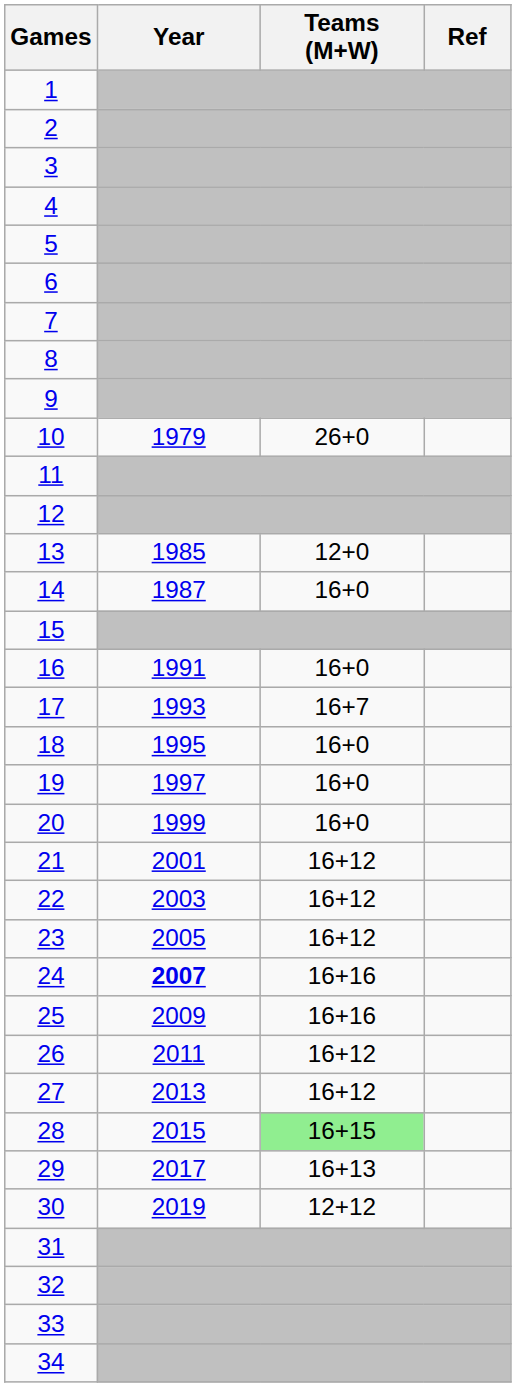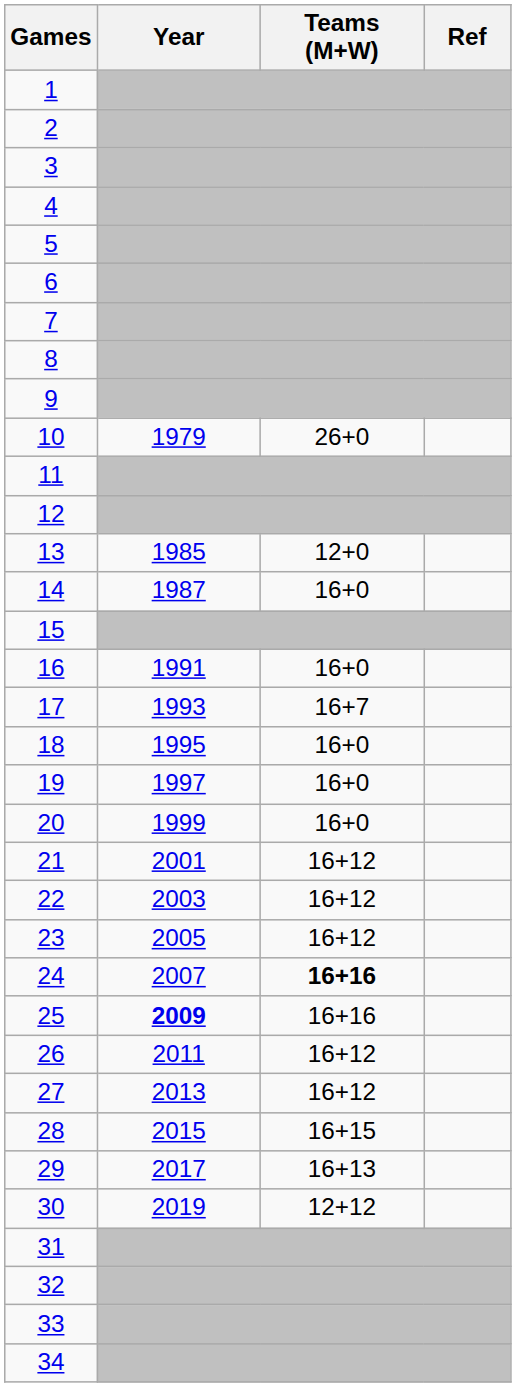 <table class="wikitable" style="text-align:center">
 <tr>
 <th width=50>Games</th>
 <th width=100>Year</th>
 <th width=100>Teams (M+W)</th>
 <th width=50>Ref</th>
 </tr>
 <tr>
 <td><a href='#'>1</a></td>
 <td colspan=3 bgcolor=silver></td>
 </tr>
 <tr>
 <td><a href='#'>2</a></td>
 <td colspan=3 bgcolor=silver></td>
 </tr>
 <tr>
 <td><a href='#'>3</a></td>
 <td colspan=3 bgcolor=silver></td>
 </tr>
 <tr>
 <td><a href='#'>4</a></td>
 <td colspan=3 bgcolor=silver></td>
 </tr>
 <tr>
 <td><a href='#'>5</a></td>
 <td colspan=3 bgcolor=silver></td>
 </tr>
 <tr>
 <td><a href='#'>6</a></td>
 <td colspan=3 bgcolor=silver></td>
 </tr>
 <tr>
 <td><a href='#'>7</a></td>
 <td colspan=3 bgcolor=silver></td>
 </tr>
 <tr>
 <td><a href='#'>8</a></td>
 <td colspan=3 bgcolor=silver></td>
 </tr>
 <tr>
 <td><a href='#'>9</a></td>
 <td colspan=3 bgcolor=silver></td>
 </tr>
 <tr>
 <td><a href='#'>10</a></td>
 <td><a href='#'>1979</a></td>
 <td>26+0</td>
 <td></td>
 </tr>
 <tr>
 <td><a href='#'>11</a></td>
 <td colspan=3 bgcolor=silver></td>
 </tr>
 <tr>
 <td><a href='#'>12</a></td>
 <td colspan=3 bgcolor=silver></td>
 </tr>
 <tr>
 <td><a href='#'>13</a></td>
 <td><a href='#'>1985</a></td>
 <td>12+0</td>
 <td></td>
 </tr>
 <tr>
 <td><a href='#'>14</a></td>
 <td><a href='#'>1987</a></td>
 <td>16+0</td>
 <td></td>
 </tr>
 <tr>
 <td><a href='#'>15</a></td>
 <td colspan=4 bgcolor=silver></td>
 </tr>
 <tr>
 <td><a href='#'>16</a></td>
 <td><a href='#'>1991</a></td>
 <td>16+0</td>
 <td></td>
 </tr>
 <tr>
 <td><a href='#'>17</a></td>
 <td><a href='#'>1993</a></td>
 <td>16+7</td>
 <td></td>
 </tr>
 <tr>
 <td><a href='#'>18</a></td>
 <td><a href='#'>1995</a></td>
 <td>16+0</td>
 <td></td>
 </tr>
 <tr>
 <td><a href='#'>19</a></td>
 <td><a href='#'>1997</a></td>
 <td>16+0</td>
 <td></td>
 </tr>
 <tr>
 <td><a href='#'>20</a></td>
 <td><a href='#'>1999</a></td>
 <td>16+0</td>
 <td></td>
 </tr>
 <tr>
 <td><a href='#'>21</a></td>
 <td><a href='#'>2001</a></td>
 <td>16+12</td>
 <td></td>
 </tr>
 <tr>
 <td><a href='#'>22</a></td>
 <td><a href='#'>2003</a></td>
 <td>16+12</td>
 <td></td>
 </tr>
 <tr>
 <td><a href='#'>23</a></td>
 <td><a href='#'>2005</a></td>
 <td>16+12</td>
 <td></td>
 </tr>
 <tr>
 <td><a href='#'>24</a></td>
-<td><strong><a href='#'>2007</a></strong></td>
-<td>16+16</td>
+<td><a href='#'>2007</a></td>
+<td><strong>16+16</strong></td>
 <td></td>
 </tr>
 <tr>
 <td><a href='#'>25</a></td>
-<td><a href='#'>2009</a></td>
+<td><strong><a href='#'>2009</a></strong></td>
 <td>16+16</td>
 <td></td>
 </tr>
 <tr>
 <td><a href='#'>26</a></td>
 <td><a href='#'>2011</a></td>
 <td>16+12</td>
 <td></td>
 </tr>
 <tr>
 <td><a href='#'>27</a></td>
 <td><a href='#'>2013</a></td>
 <td>16+12</td>
 <td></td>
 </tr>
 <tr>
 <td><a href='#'>28</a></td>
 <td><a href='#'>2015</a></td>
-<td style="background: lightgreen;">16+15</td>
+<td>16+15</td>
 <td></td>
 </tr>
 <tr>
 <td><a href='#'>29</a></td>
 <td><a href='#'>2017</a></td>
 <td>16+13</td>
 <td></td>
 </tr>
 <tr>
 <td><a href='#'>30</a></td>
 <td><a href='#'>2019</a></td>
 <td>12+12</td>
 <td></td>
 </tr>
 <tr>
 <td><a href='#'>31</a></td>
 <td colspan=4 bgcolor=silver></td>
 </tr>
 <tr>
 <td><a href='#'>32</a></td>
 <td colspan=4 bgcolor=silver></td>
 </tr>
 <tr>
 <td><a href='#'>33</a></td>
 <td colspan=4 bgcolor=silver></td>
 </tr>
 <tr>
 <td><a href='#'>34</a></td>
 <td colspan=4 bgcolor=silver></td>
 </tr>
 </table>
